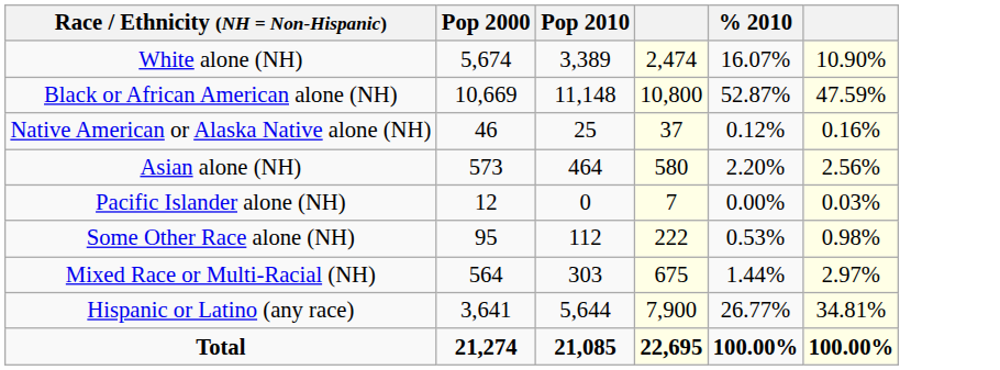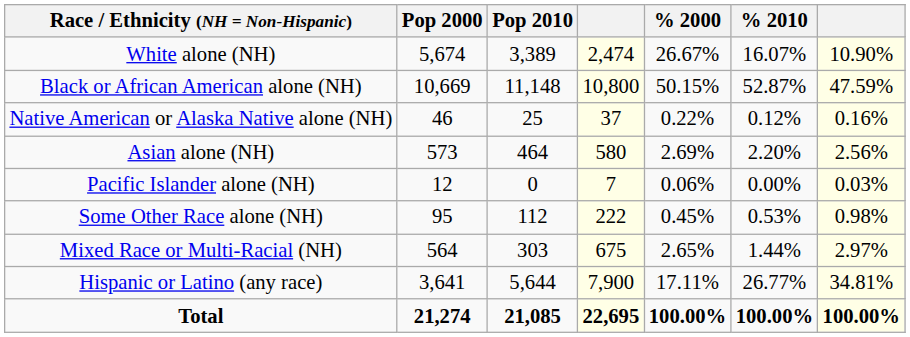 <table class="wikitable" style="text-align:center;">
 <tr>
 <th>Race / Ethnicity <small>(<em>NH = Non-Hispanic</em>)</small></th>
 <th>Pop 2000</th>
 <th>Pop 2010</th>
 <th></th>
+<th>% 2000</th>
 <th>% 2010</th>
 <th></th>
 </tr>
 <tr>
 <td><a href='#'>White</a> alone (NH)</td>
 <td>5,674</td>
 <td>3,389</td>
 <td style='background: #ffffe6;'>2,474</td>
+<td>26.67%</td>
 <td>16.07%</td>
 <td style='background: #ffffe6;'>10.90%</td>
 </tr>
 <tr>
 <td><a href='#'>Black or African American</a> alone (NH)</td>
 <td>10,669</td>
 <td>11,148</td>
 <td style='background: #ffffe6;'>10,800</td>
+<td>50.15%</td>
 <td>52.87%</td>
 <td style='background: #ffffe6;'>47.59%</td>
 </tr>
 <tr>
 <td><a href='#'>Native American</a> or <a href='#'>Alaska Native</a> alone (NH)</td>
 <td>46</td>
 <td>25</td>
 <td style='background: #ffffe6;'>37</td>
+<td>0.22%</td>
 <td>0.12%</td>
 <td style='background: #ffffe6;'>0.16%</td>
 </tr>
 <tr>
 <td><a href='#'>Asian</a> alone (NH)</td>
 <td>573</td>
 <td>464</td>
 <td style='background: #ffffe6;'>580</td>
+<td>2.69%</td>
 <td>2.20%</td>
 <td style='background: #ffffe6;'>2.56%</td>
 </tr>
 <tr>
 <td><a href='#'>Pacific Islander</a> alone (NH)</td>
 <td>12</td>
 <td>0</td>
 <td style='background: #ffffe6;'>7</td>
+<td>0.06%</td>
 <td>0.00%</td>
 <td style='background: #ffffe6;'>0.03%</td>
 </tr>
 <tr>
 <td><a href='#'>Some Other Race</a> alone (NH)</td>
 <td>95</td>
 <td>112</td>
 <td style='background: #ffffe6;'>222</td>
+<td>0.45%</td>
 <td>0.53%</td>
 <td style='background: #ffffe6;'>0.98%</td>
 </tr>
 <tr>
 <td><a href='#'>Mixed Race or Multi-Racial</a> (NH)</td>
 <td>564</td>
 <td>303</td>
 <td style='background: #ffffe6;'>675</td>
+<td>2.65%</td>
 <td>1.44%</td>
 <td style='background: #ffffe6;'>2.97%</td>
 </tr>
 <tr>
 <td><a href='#'>Hispanic or Latino</a> (any race)</td>
 <td>3,641</td>
 <td>5,644</td>
 <td style='background: #ffffe6;'>7,900</td>
+<td>17.11%</td>
 <td>26.77%</td>
 <td style='background: #ffffe6;'>34.81%</td>
 </tr>
 <tr>
 <td><strong>Total</strong></td>
 <td><strong>21,274</strong></td>
 <td><strong>21,085</strong></td>
 <td style='background: #ffffe6;'><strong>22,695</strong></td>
 <td><strong>100.00%</strong></td>
+<td><strong>100.00%</strong></td>
 <td style='background: #ffffe6;'><strong>100.00%</strong></td>
 </tr>
 </table>
